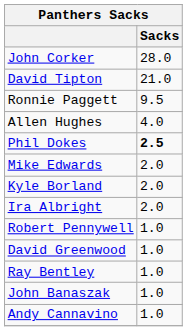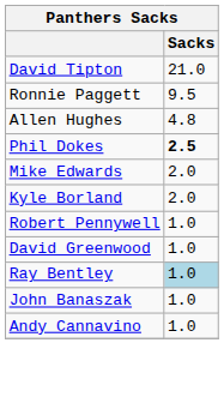 <table class="wikitable">
 <tr>
 <th colspan="2">Panthers Sacks</th>
 </tr>
 <tr>
 <th></th>
 <th>Sacks</th>
-</tr>
-<tr>
-<td><a href='#'>John Corker</a></td>
-<td>28.0</td>
 </tr>
 <tr>
 <td><a href='#'>David Tipton</a></td>
 <td>21.0</td>
 </tr>
 <tr>
 <td>Ronnie Paggett</td>
 <td>9.5</td>
 </tr>
 <tr>
 <td>Allen Hughes</td>
-<td>4.0</td>
+<td>4.8</td>
 </tr>
 <tr>
 <td><a href='#'>Phil Dokes</a></td>
 <td><strong>2.5</strong></td>
 </tr>
 <tr>
 <td><a href='#'>Mike Edwards</a></td>
 <td>2.0</td>
 </tr>
 <tr>
 <td><a href='#'>Kyle Borland</a></td>
 <td>2.0</td>
 </tr>
 <tr>
-<td><a href='#'>Ira Albright</a></td>
-<td>2.0</td>
-</tr>
-<tr>
 <td><a href='#'>Robert Pennywell</a></td>
 <td>1.0</td>
 </tr>
 <tr>
 <td><a href='#'>David Greenwood</a></td>
 <td>1.0</td>
 </tr>
 <tr>
 <td><a href='#'>Ray Bentley</a></td>
-<td>1.0</td>
+<td style="background: lightblue;">1.0</td>
 </tr>
 <tr>
 <td><a href='#'>John Banaszak</a></td>
 <td>1.0</td>
 </tr>
 <tr>
 <td><a href='#'>Andy Cannavino</a></td>
 <td>1.0</td>
 </tr>
 <tr>
 </tr>
 </table>
